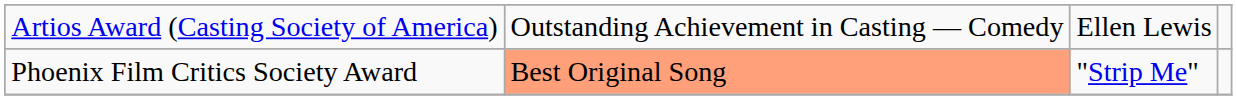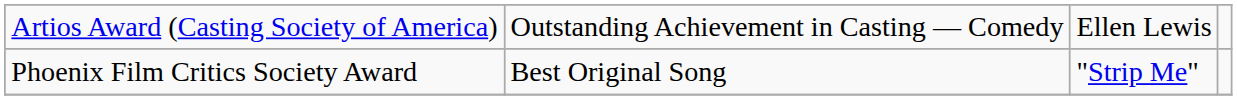 <table class="wikitable">
 <tr>
 <td><a href='#'>Artios Award</a> (<a href='#'>Casting Society of America</a>)</td>
 <td>Outstanding Achievement in Casting — Comedy</td>
 <td>Ellen Lewis</td>
 <td></td>
 </tr>
 <tr>
 <td>Phoenix Film Critics Society Award</td>
-<td style="background: lightsalmon;">Best Original Song</td>
+<td>Best Original Song</td>
 <td>"<a href='#'>Strip Me</a>"</td>
 <td></td>
 </tr>
 <tr>
 </tr>
 </table>
